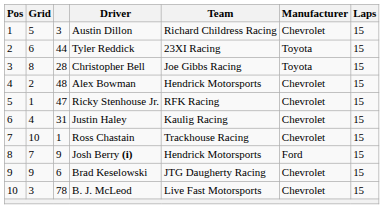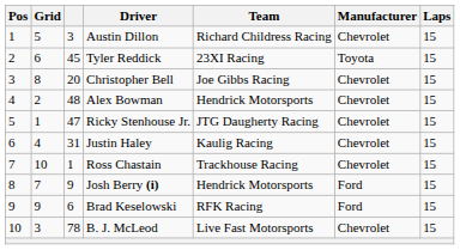 <table class="wikitable" style="font-size:98%">
 <tr>
 <th>Pos</th>
 <th>Grid</th>
 <th></th>
 <th>Driver</th>
 <th>Team</th>
 <th>Manufacturer</th>
 <th>Laps</th>
 </tr>
 <tr>
 <td>1</td>
 <td>5</td>
 <td>3</td>
 <td>Austin Dillon</td>
 <td>Richard Childress Racing</td>
 <td>Chevrolet</td>
 <td>15</td>
 </tr>
 <tr>
 <td>2</td>
 <td>6</td>
-<td>44</td>
+<td>45</td>
 <td>Tyler Reddick</td>
 <td>23XI Racing</td>
 <td>Toyota</td>
 <td>15</td>
 </tr>
 <tr>
 <td>3</td>
 <td>8</td>
-<td>28</td>
+<td>20</td>
 <td>Christopher Bell</td>
 <td>Joe Gibbs Racing</td>
-<td>Toyota</td>
+<td>Chevrolet</td>
 <td>15</td>
 </tr>
 <tr>
 <td>4</td>
 <td>2</td>
 <td>48</td>
 <td>Alex Bowman</td>
 <td>Hendrick Motorsports</td>
 <td>Chevrolet</td>
 <td>15</td>
 </tr>
 <tr>
 <td>5</td>
 <td>1</td>
 <td>47</td>
 <td>Ricky Stenhouse Jr.</td>
-<td>RFK Racing</td>
+<td>JTG Daugherty Racing</td>
 <td>Chevrolet</td>
 <td>15</td>
 </tr>
 <tr>
 <td>6</td>
 <td>4</td>
 <td>31</td>
 <td>Justin Haley</td>
 <td>Kaulig Racing</td>
 <td>Chevrolet</td>
 <td>15</td>
 </tr>
 <tr>
 <td>7</td>
 <td>10</td>
 <td>1</td>
 <td>Ross Chastain</td>
 <td>Trackhouse Racing</td>
 <td>Chevrolet</td>
 <td>15</td>
 </tr>
 <tr>
 <td>8</td>
 <td>7</td>
 <td>9</td>
 <td>Josh Berry <strong>(i)</strong></td>
 <td>Hendrick Motorsports</td>
 <td>Ford</td>
 <td>15</td>
 </tr>
 <tr>
 <td>9</td>
 <td>9</td>
 <td>6</td>
 <td>Brad Keselowski</td>
-<td>JTG Daugherty Racing</td>
-<td>Chevrolet</td>
+<td>RFK Racing</td>
+<td>Ford</td>
 <td>15</td>
 </tr>
 <tr>
 <td>10</td>
 <td>3</td>
 <td>78</td>
 <td>B. J. McLeod</td>
 <td>Live Fast Motorsports</td>
 <td>Chevrolet</td>
 <td>15</td>
 </tr>
 <tr>
 <th colspan="7"></th>
 </tr>
 </table>
